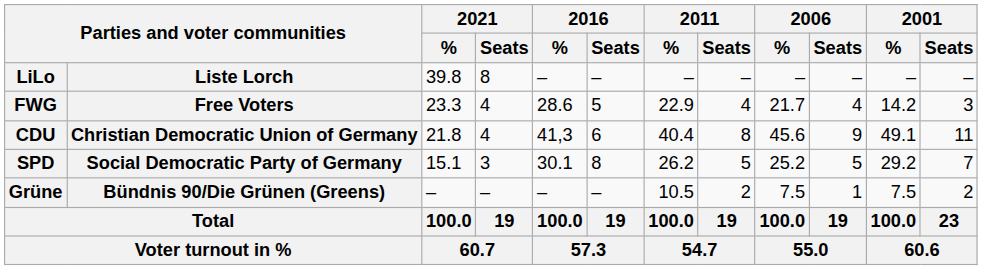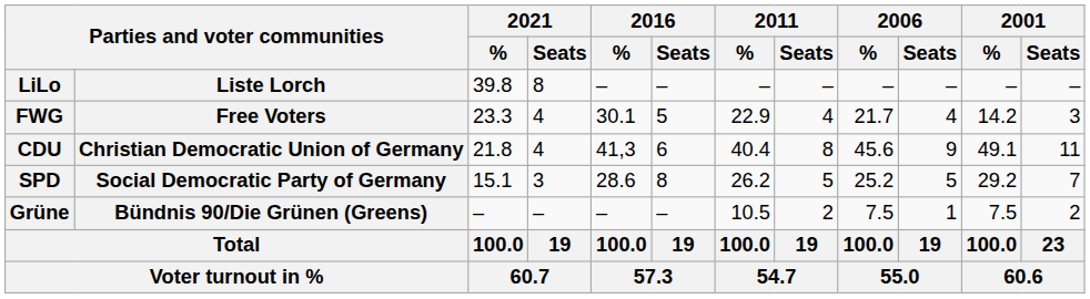 <table class="wikitable">
 <tr>
 <th colspan="2" rowspan="2">Parties and voter communities</th>
 <th colspan="2">2021</th>
 <th colspan="2">2016</th>
 <th colspan="2">2011</th>
 <th colspan="2">2006</th>
 <th colspan="2">2001</th>
 </tr>
 <tr -- class="hintergrundfarbe5">
 <th>%</th>
 <th>Seats</th>
 <th>%</th>
 <th>Seats</th>
 <th>%</th>
 <th>Seats</th>
 <th>%</th>
 <th>Seats</th>
 <th>%</th>
 <th>Seats</th>
 </tr>
 <tr --->
 <th>LiLo</th>
 <th>Liste Lorch</th>
 <td>39.8</td>
 <td>8</td>
 <td>–</td>
 <td>–</td>
 <td align="right">–</td>
 <td align="right">–</td>
 <td align="right">–</td>
 <td align="right">–</td>
 <td align="right">–</td>
 <td align="right">–</td>
 </tr>
 <tr --->
 <th>FWG</th>
 <th>Free Voters</th>
 <td>23.3</td>
 <td>4</td>
-<td>28.6</td>
+<td>30.1</td>
 <td>5</td>
 <td align="right">22.9</td>
 <td align="right">4</td>
 <td align="right">21.7</td>
 <td align="right">4</td>
 <td align="right">14.2</td>
 <td align="right">3</td>
 </tr>
 <tr --->
 <th>CDU</th>
 <th>Christian Democratic Union of Germany</th>
 <td>21.8</td>
 <td>4</td>
 <td>41,3</td>
 <td>6</td>
 <td align="right">40.4</td>
 <td align="right">8</td>
 <td align="right">45.6</td>
 <td align="right">9</td>
 <td align="right">49.1</td>
 <td align="right">11</td>
 </tr>
 <tr --->
 <th>SPD</th>
 <th>Social Democratic Party of Germany</th>
 <td>15.1</td>
 <td>3</td>
-<td>30.1</td>
+<td>28.6</td>
 <td>8</td>
 <td align="right">26.2</td>
 <td align="right">5</td>
 <td align="right">25.2</td>
 <td align="right">5</td>
 <td align="right">29.2</td>
 <td align="right">7</td>
 </tr>
 <tr>
 <th>Grüne</th>
 <th>Bündnis 90/Die Grünen (Greens)</th>
 <td>–</td>
 <td>–</td>
 <td>–</td>
 <td>–</td>
 <td align="right">10.5</td>
 <td align="right">2</td>
 <td align="right">7.5</td>
 <td align="right">1</td>
 <td align="right">7.5</td>
 <td align="right">2</td>
 </tr>
 <tr -- class="hintergrundfarbe5">
 <th colspan="2">Total</th>
 <th>100.0</th>
 <th>19</th>
 <th>100.0</th>
 <th>19</th>
 <th>100.0</th>
 <th>19</th>
 <th>100.0</th>
 <th>19</th>
 <th>100.0</th>
 <th>23</th>
 </tr>
 <tr --->
 <th colspan="2">Voter turnout in %</th>
 <th colspan="2">60.7</th>
 <th colspan="2">57.3</th>
 <th colspan="2">54.7</th>
 <th colspan="2">55.0</th>
 <th colspan="2">60.6</th>
 </tr>
 </table>
